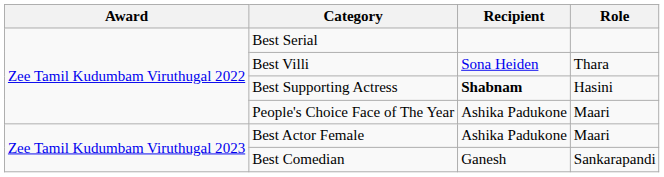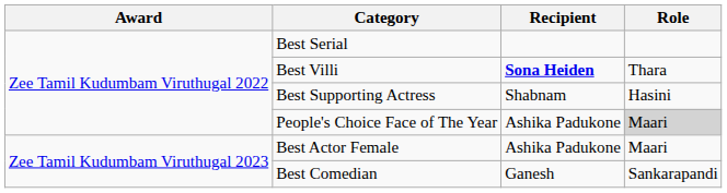 <table class="wikitable">
 <tr>
 <th>Award</th>
 <th>Category</th>
 <th>Recipient</th>
 <th>Role</th>
 </tr>
 <tr>
 <td rowspan="4"><a href='#'>Zee Tamil Kudumbam Viruthugal 2022</a></td>
 <td>Best Serial</td>
 <td></td>
 <td></td>
 </tr>
 <tr>
 <td>Best Villi</td>
-<td><a href='#'>Sona Heiden</a></td>
+<td><strong><a href='#'>Sona Heiden</a></strong></td>
 <td>Thara</td>
 </tr>
 <tr>
 <td>Best Supporting Actress</td>
-<td><strong>Shabnam</strong></td>
+<td>Shabnam</td>
 <td>Hasini</td>
 </tr>
 <tr>
 <td>People's Choice Face of The Year</td>
 <td>Ashika Padukone</td>
-<td>Maari</td>
+<td style="background: lightgrey;">Maari</td>
 </tr>
 <tr>
 <td rowspan="8"><a href='#'>Zee Tamil Kudumbam Viruthugal 2023</a></td>
 <td>Best Actor Female</td>
 <td>Ashika Padukone</td>
 <td>Maari</td>
 </tr>
 <tr>
 <td>Best Comedian</td>
 <td>Ganesh</td>
 <td>Sankarapandi</td>
 </tr>
 </table>
